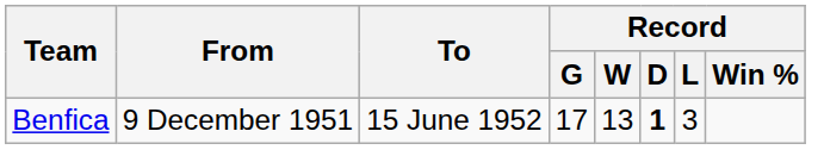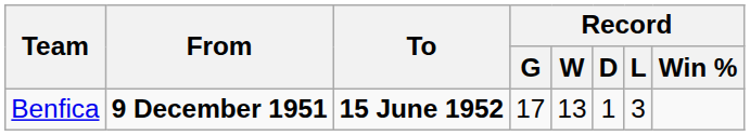 <table class="wikitable" style="text-align: center">
 <tr>
 <th rowspan="2">Team</th>
 <th rowspan="2">From</th>
 <th rowspan="2">To</th>
 <th colspan="8">Record</th>
 </tr>
 <tr>
 <th>G</th>
 <th>W</th>
 <th>D</th>
 <th>L</th>
 <th>Win %</th>
 </tr>
 <tr>
 <td align="left"><a href='#'>Benfica</a></td>
-<td align="left">9 December 1951</td>
-<td align="left">15 June 1952</td>
+<td align="left"><strong>9 December 1951</strong></td>
+<td align="left"><strong>15 June 1952</strong></td>
 <td>17</td>
 <td>13</td>
-<td><strong>1</strong></td>
+<td>1</td>
 <td>3</td>
 <td></td>
 </tr>
 </table>
